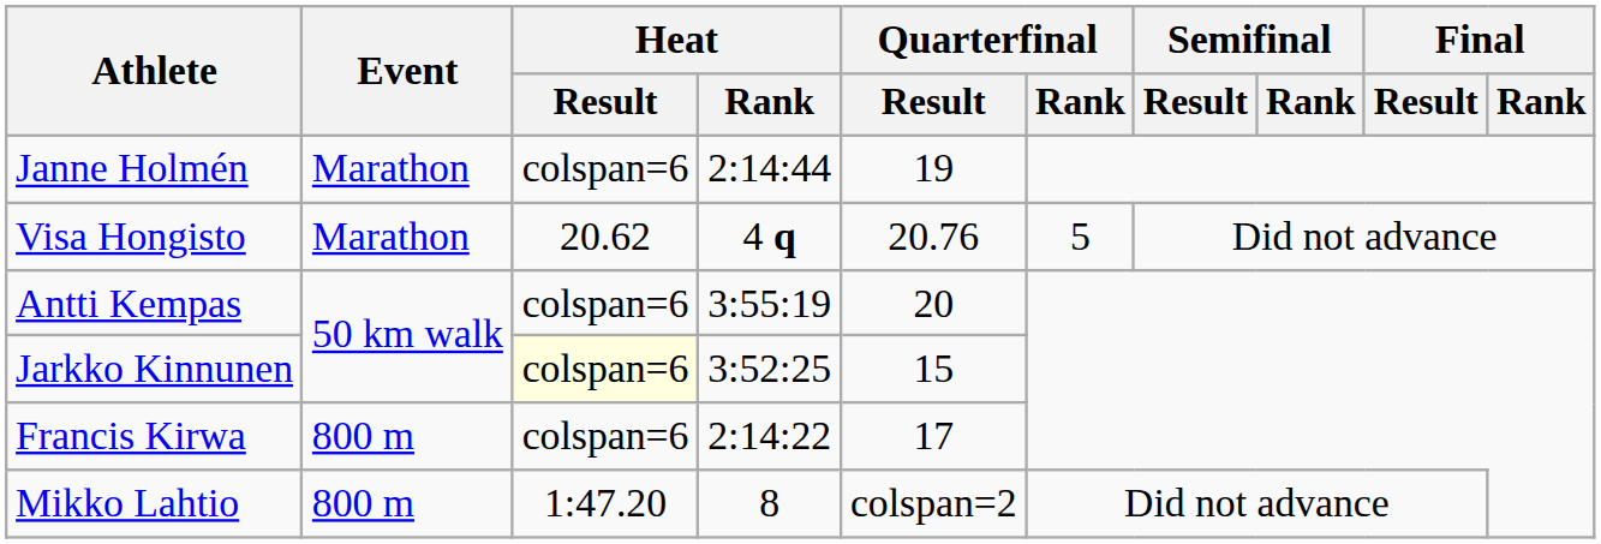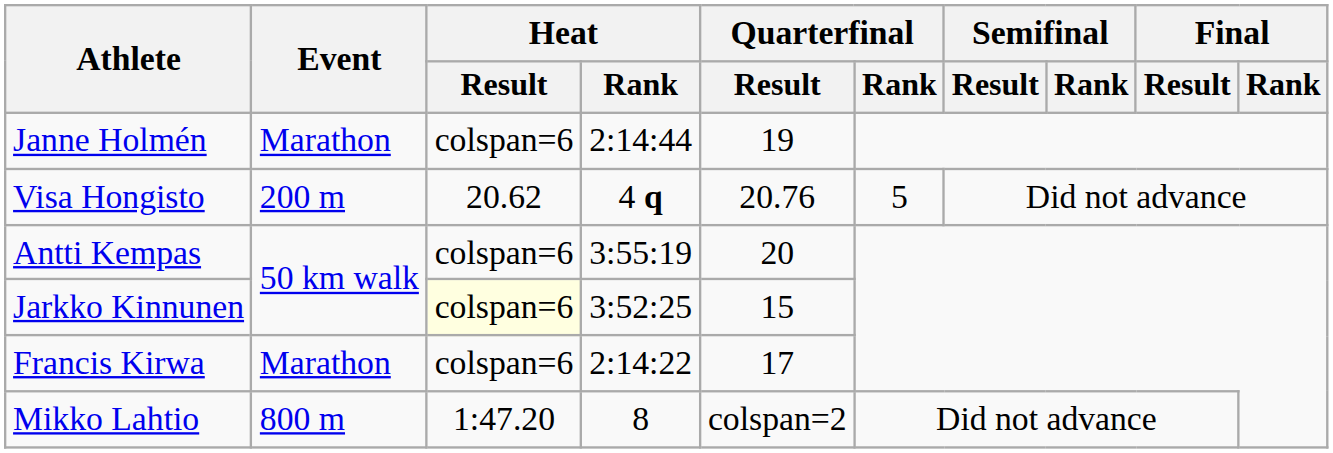 <table class=wikitable style="font-size:90%">
 <tr>
 <th rowspan="2">Athlete</th>
 <th rowspan="2">Event</th>
 <th colspan="2">Heat</th>
 <th colspan="2">Quarterfinal</th>
 <th colspan="2">Semifinal</th>
 <th colspan="2">Final</th>
 </tr>
 <tr style="font-size:95%">
 <th>Result</th>
 <th>Rank</th>
 <th>Result</th>
 <th>Rank</th>
 <th>Result</th>
 <th>Rank</th>
 <th>Result</th>
 <th>Rank</th>
 </tr>
 <tr align=center>
 <td align=left><a href='#'>Janne Holmén</a></td>
 <td align=left><a href='#'>Marathon</a></td>
 <td>colspan=6 </td>
 <td>2:14:44</td>
 <td>19</td>
 </tr>
 <tr align=center>
 <td align=left><a href='#'>Visa Hongisto</a></td>
-<td align=left><a href='#'>Marathon</a></td>
+<td align=left><a href='#'>200 m</a></td>
 <td>20.62</td>
 <td>4 <strong>q</strong></td>
 <td>20.76</td>
 <td>5</td>
 <td colspan=4>Did not advance</td>
 </tr>
 <tr align=center>
 <td align=left><a href='#'>Antti Kempas</a></td>
 <td align=left rowspan=2><a href='#'>50 km walk</a></td>
 <td>colspan=6 </td>
 <td>3:55:19</td>
 <td>20</td>
 </tr>
 <tr align=center>
 <td align=left><a href='#'>Jarkko Kinnunen</a></td>
 <td style="background: lightyellow;">colspan=6 </td>
 <td>3:52:25</td>
 <td>15</td>
 </tr>
 <tr align=center>
 <td align=left><a href='#'>Francis Kirwa</a></td>
-<td align=left><a href='#'>800 m</a></td>
+<td align=left><a href='#'>Marathon</a></td>
 <td>colspan=6 </td>
 <td>2:14:22</td>
 <td>17</td>
 </tr>
 <tr align=center>
 <td align=left><a href='#'>Mikko Lahtio</a></td>
 <td align=left><a href='#'>800 m</a></td>
 <td>1:47.20</td>
 <td>8</td>
 <td>colspan=2 </td>
 <td colspan=4>Did not advance</td>
 </tr>
 </table>
